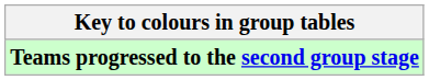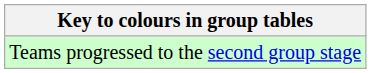 <table class="wikitable">
 <tr>
 <th>Key to colours in group tables</th>
 </tr>
 <tr bgcolor=#ccffcc>
-<td><strong>Teams progressed to the <a href='#'>second group stage</a></strong></td>
+<td>Teams progressed to the <a href='#'>second group stage</a></td>
 </tr>
 </table>
